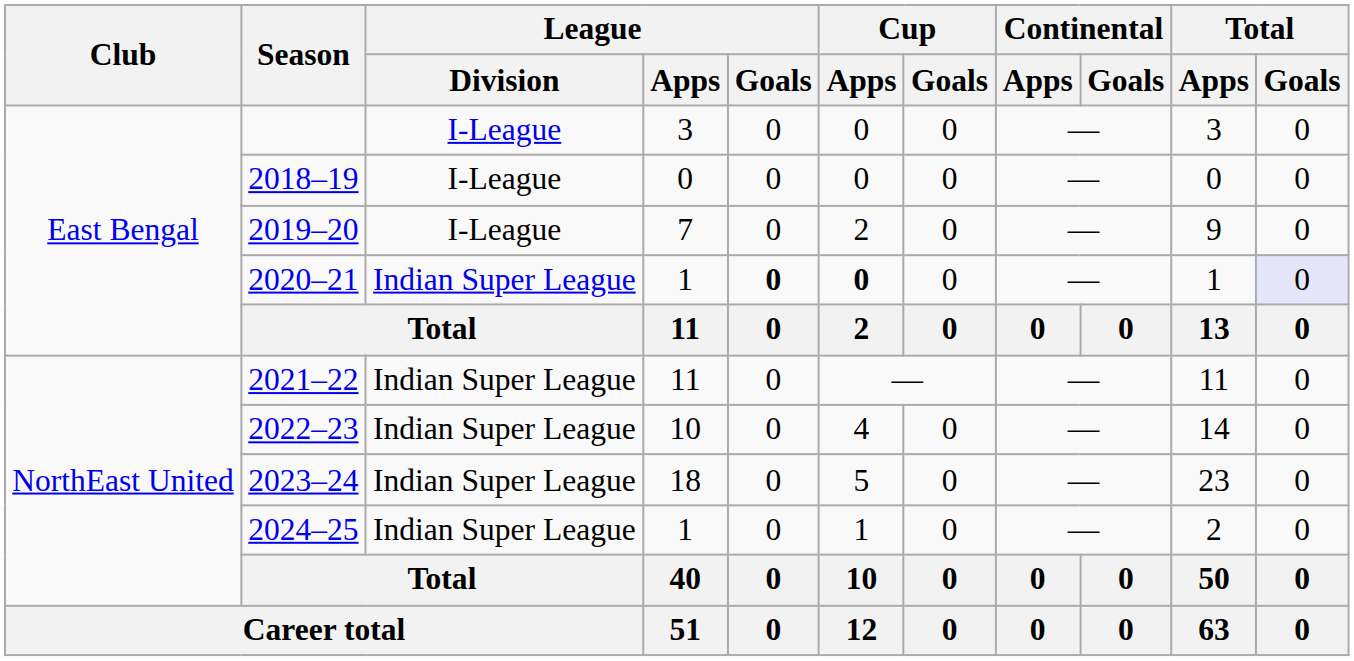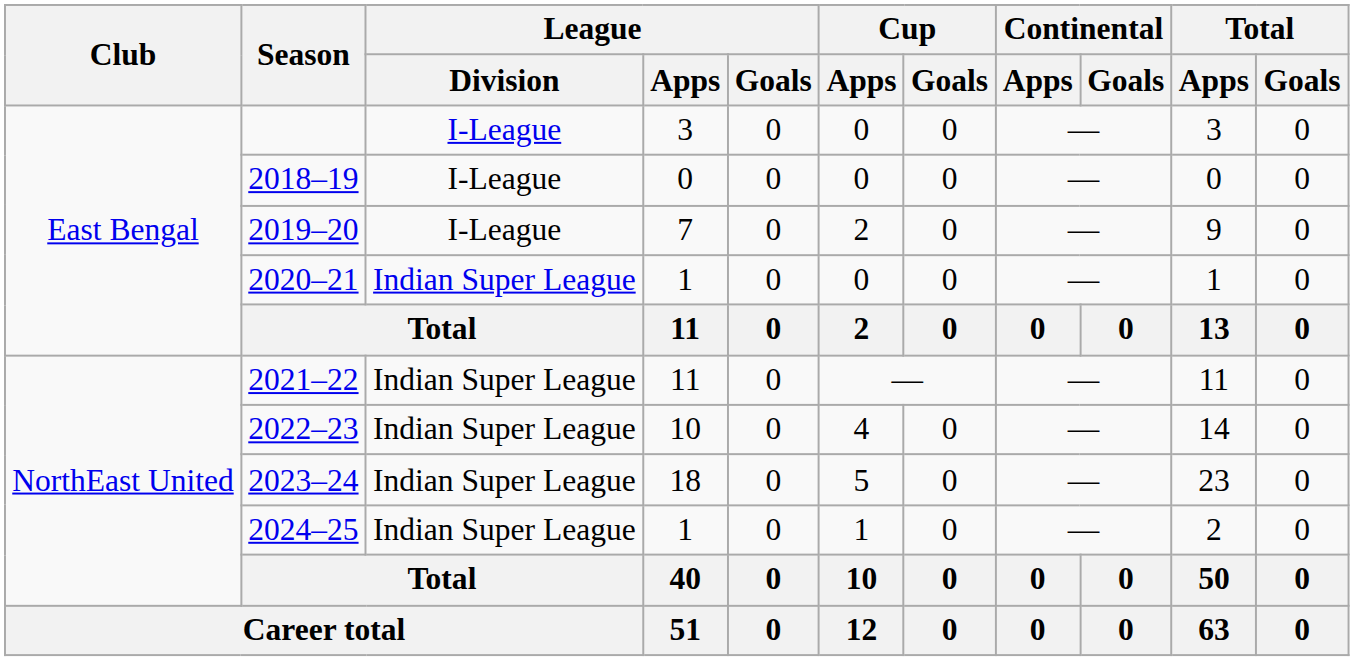 <table class="wikitable" style="text-align: center;">
 <tr>
 <th rowspan="2">Club</th>
 <th rowspan="2">Season</th>
 <th colspan="3">League</th>
 <th colspan="2">Cup</th>
 <th colspan="2">Continental</th>
 <th colspan="2">Total</th>
 </tr>
 <tr>
 <th>Division</th>
 <th>Apps</th>
 <th>Goals</th>
 <th>Apps</th>
 <th>Goals</th>
 <th>Apps</th>
 <th>Goals</th>
 <th>Apps</th>
 <th>Goals</th>
 </tr>
 <tr>
 <td rowspan="5"><a href='#'>East Bengal</a></td>
 <td></td>
 <td><a href='#'>I-League</a></td>
 <td>3</td>
 <td>0</td>
 <td>0</td>
 <td>0</td>
 <td colspan="2">—</td>
 <td>3</td>
 <td>0</td>
 </tr>
 <tr>
 <td><a href='#'>2018–19</a></td>
 <td>I-League</td>
 <td>0</td>
 <td>0</td>
 <td>0</td>
 <td>0</td>
 <td colspan="2">—</td>
 <td>0</td>
 <td>0</td>
 </tr>
 <tr>
 <td><a href='#'>2019–20</a></td>
 <td>I-League</td>
 <td>7</td>
 <td>0</td>
 <td>2</td>
 <td>0</td>
 <td colspan="2">—</td>
 <td>9</td>
 <td>0</td>
 </tr>
 <tr>
 <td><a href='#'>2020–21</a></td>
 <td><a href='#'>Indian Super League</a></td>
 <td>1</td>
-<td><strong>0</strong></td>
-<td><strong>0</strong></td>
+<td>0</td>
+<td>0</td>
 <td>0</td>
 <td colspan="2">—</td>
 <td>1</td>
-<td style="background: lavender;">0</td>
+<td>0</td>
 </tr>
 <tr>
 <th colspan="2">Total</th>
 <th>11</th>
 <th>0</th>
 <th>2</th>
 <th>0</th>
 <th>0</th>
 <th>0</th>
 <th>13</th>
 <th>0</th>
 </tr>
 <tr>
 <td rowspan="5"><a href='#'>NorthEast United</a></td>
 <td><a href='#'>2021–22</a></td>
 <td>Indian Super League</td>
 <td>11</td>
 <td>0</td>
 <td colspan="2">—</td>
 <td colspan="2">—</td>
 <td>11</td>
 <td>0</td>
 </tr>
 <tr>
 <td><a href='#'>2022–23</a></td>
 <td>Indian Super League</td>
 <td>10</td>
 <td>0</td>
 <td>4</td>
 <td>0</td>
 <td colspan="2">—</td>
 <td>14</td>
 <td>0</td>
 </tr>
 <tr>
 <td><a href='#'>2023–24</a></td>
 <td>Indian Super League</td>
 <td>18</td>
 <td>0</td>
 <td>5</td>
 <td>0</td>
 <td colspan="2">—</td>
 <td>23</td>
 <td>0</td>
 </tr>
 <tr>
 <td><a href='#'>2024–25</a></td>
 <td>Indian Super League</td>
 <td>1</td>
 <td>0</td>
 <td>1</td>
 <td>0</td>
 <td colspan="2">—</td>
 <td>2</td>
 <td>0</td>
 </tr>
 <tr>
 <th colspan="2">Total</th>
 <th>40</th>
 <th>0</th>
 <th>10</th>
 <th>0</th>
 <th>0</th>
 <th>0</th>
 <th>50</th>
 <th>0</th>
 </tr>
 <tr>
 <th colspan="3">Career total</th>
 <th>51</th>
 <th>0</th>
 <th>12</th>
 <th>0</th>
 <th>0</th>
 <th>0</th>
 <th>63</th>
 <th>0</th>
 </tr>
 </table>
